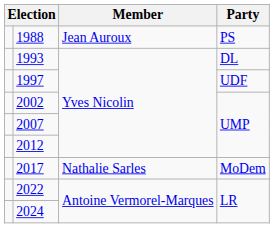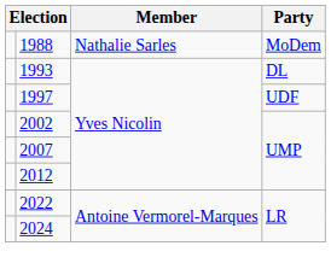 <table class="wikitable">
 <tr>
 <th colspan=2>Election</th>
 <th>Member</th>
 <th>Party</th>
 </tr>
 <tr>
 <td style="background-color: "></td>
 <td><a href='#'>1988</a></td>
-<td><a href='#'>Jean Auroux</a></td>
-<td><a href='#'>PS</a></td>
+<td><a href='#'>Nathalie Sarles</a></td>
+<td><a href='#'>MoDem</a></td>
 </tr>
 <tr>
 <td style="background-color: "></td>
 <td><a href='#'>1993</a></td>
 <td rowspan="5"><a href='#'>Yves Nicolin</a></td>
 <td><a href='#'>DL</a></td>
 </tr>
 <tr>
 <td style="background-color: "></td>
 <td><a href='#'>1997</a></td>
 <td><a href='#'>UDF</a></td>
 </tr>
 <tr>
 <td style="background-color: "></td>
 <td><a href='#'>2002</a></td>
 <td rowspan="3"><a href='#'>UMP</a></td>
 </tr>
 <tr>
 <td style="background-color: "></td>
 <td><a href='#'>2007</a></td>
 </tr>
 <tr>
 <td style="background-color: "></td>
 <td><a href='#'>2012</a></td>
 </tr>
 <tr>
-<td style="background-color: "></td>
-<td><a href='#'>2017</a></td>
-<td><a href='#'>Nathalie Sarles</a></td>
-<td><a href='#'>MoDem</a></td>
-</tr>
-<tr>
 <td style="color:inherit;background-color: "></td>
 <td><a href='#'>2022</a></td>
 <td rowspan="2"><a href='#'>Antoine Vermorel-Marques</a></td>
 <td rowspan="2"><a href='#'>LR</a></td>
 </tr>
 <tr>
 <td style="color:inherit;background-color: "></td>
 <td><a href='#'>2024</a></td>
 </tr>
 </table>
